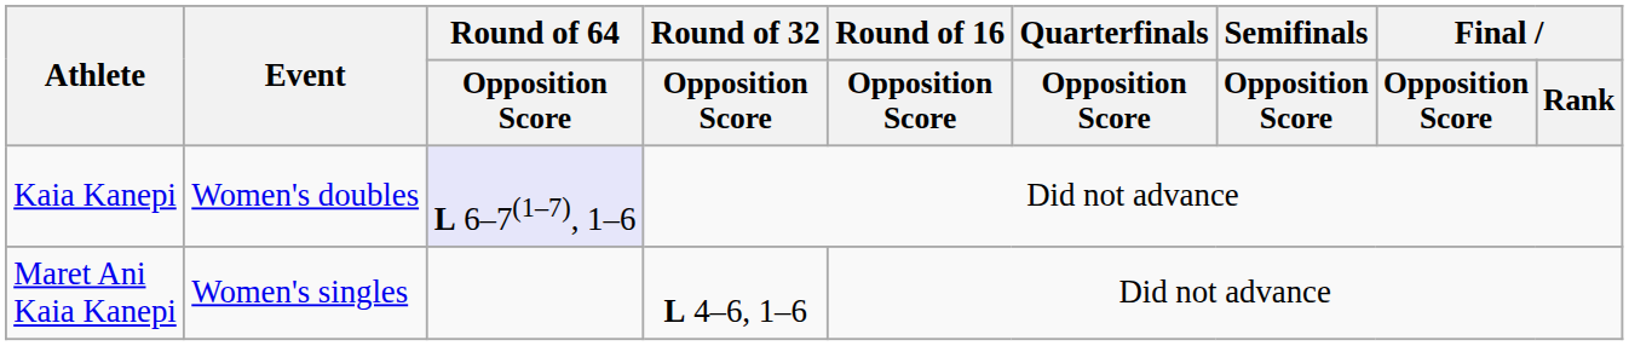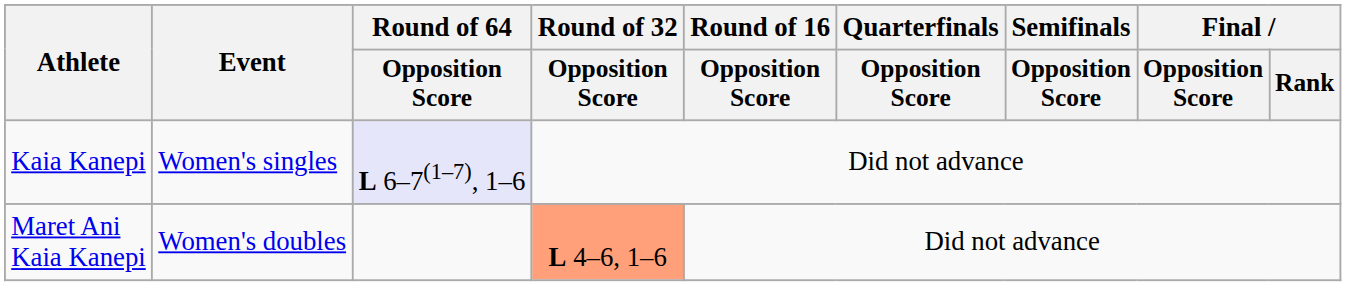 <table class=wikitable style="font-size:90%">
 <tr>
 <th rowspan="2">Athlete</th>
 <th rowspan="2">Event</th>
 <th>Round of 64</th>
 <th>Round of 32</th>
 <th>Round of 16</th>
 <th>Quarterfinals</th>
 <th>Semifinals</th>
 <th colspan=2>Final / </th>
 </tr>
 <tr style="font-size:95%">
 <th>Opposition<br>Score</th>
 <th>Opposition<br>Score</th>
 <th>Opposition<br>Score</th>
 <th>Opposition<br>Score</th>
 <th>Opposition<br>Score</th>
 <th>Opposition<br>Score</th>
 <th>Rank</th>
 </tr>
 <tr align=center>
 <td align=left><a href='#'>Kaia Kanepi</a></td>
-<td align=left><a href='#'>Women's doubles</a></td>
+<td align=left><a href='#'>Women's singles</a></td>
 <td style="background: lavender;"><br><strong>L</strong> 6–7<sup>(1–7)</sup>, 1–6</td>
 <td colspan=6>Did not advance</td>
 </tr>
 <tr align=center>
 <td align=left><a href='#'>Maret Ani</a><br><a href='#'>Kaia Kanepi</a></td>
-<td align=left><a href='#'>Women's singles</a></td>
+<td align=left><a href='#'>Women's doubles</a></td>
 <td></td>
-<td><br><strong>L</strong> 4–6, 1–6</td>
+<td style="background: lightsalmon;"><br><strong>L</strong> 4–6, 1–6</td>
 <td colspan=5>Did not advance</td>
 </tr>
 </table>
